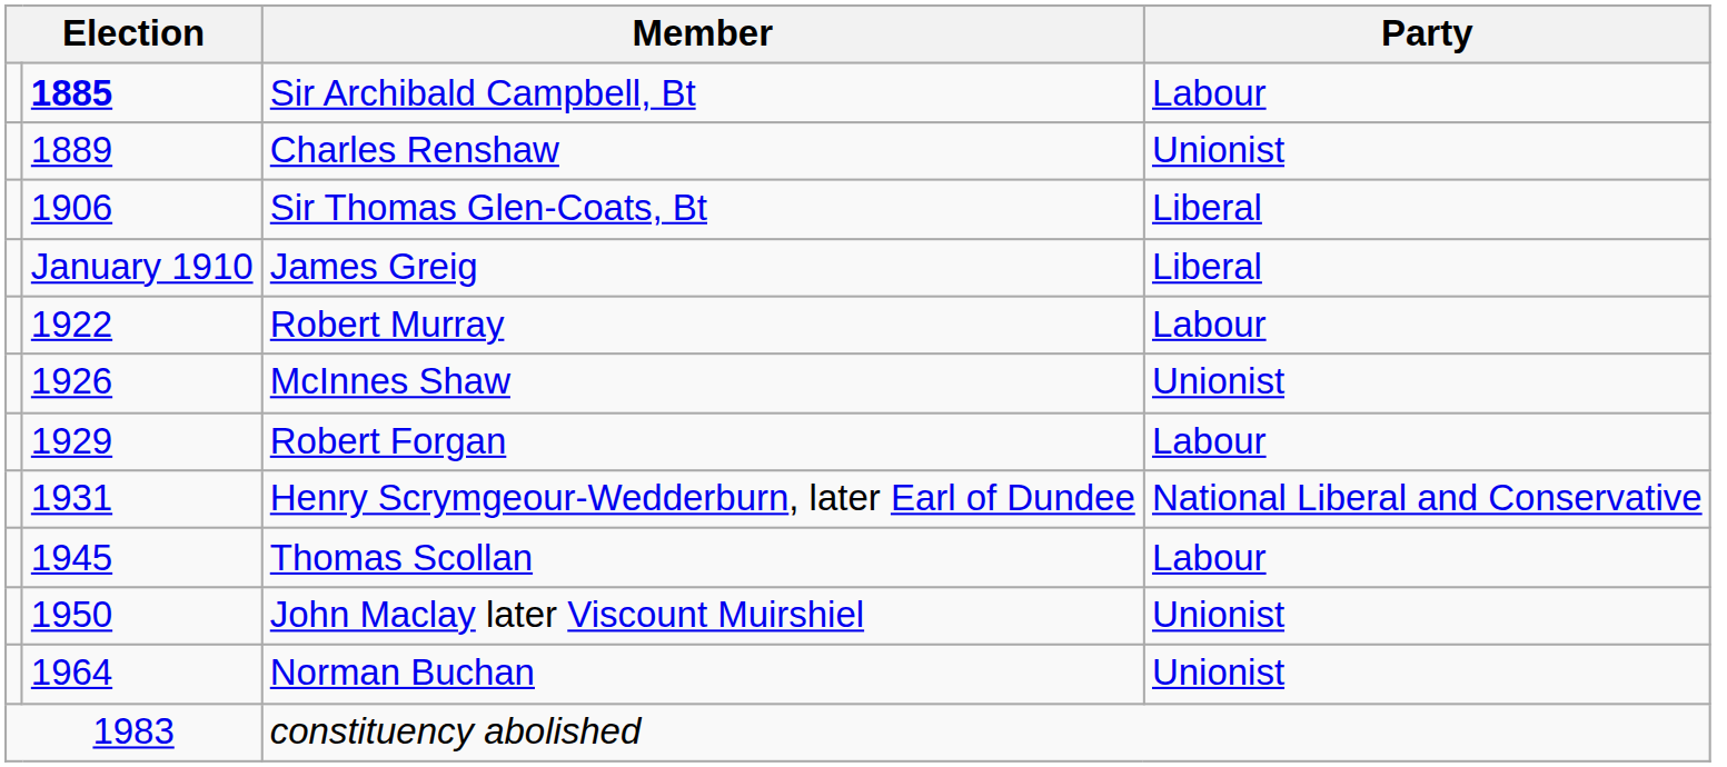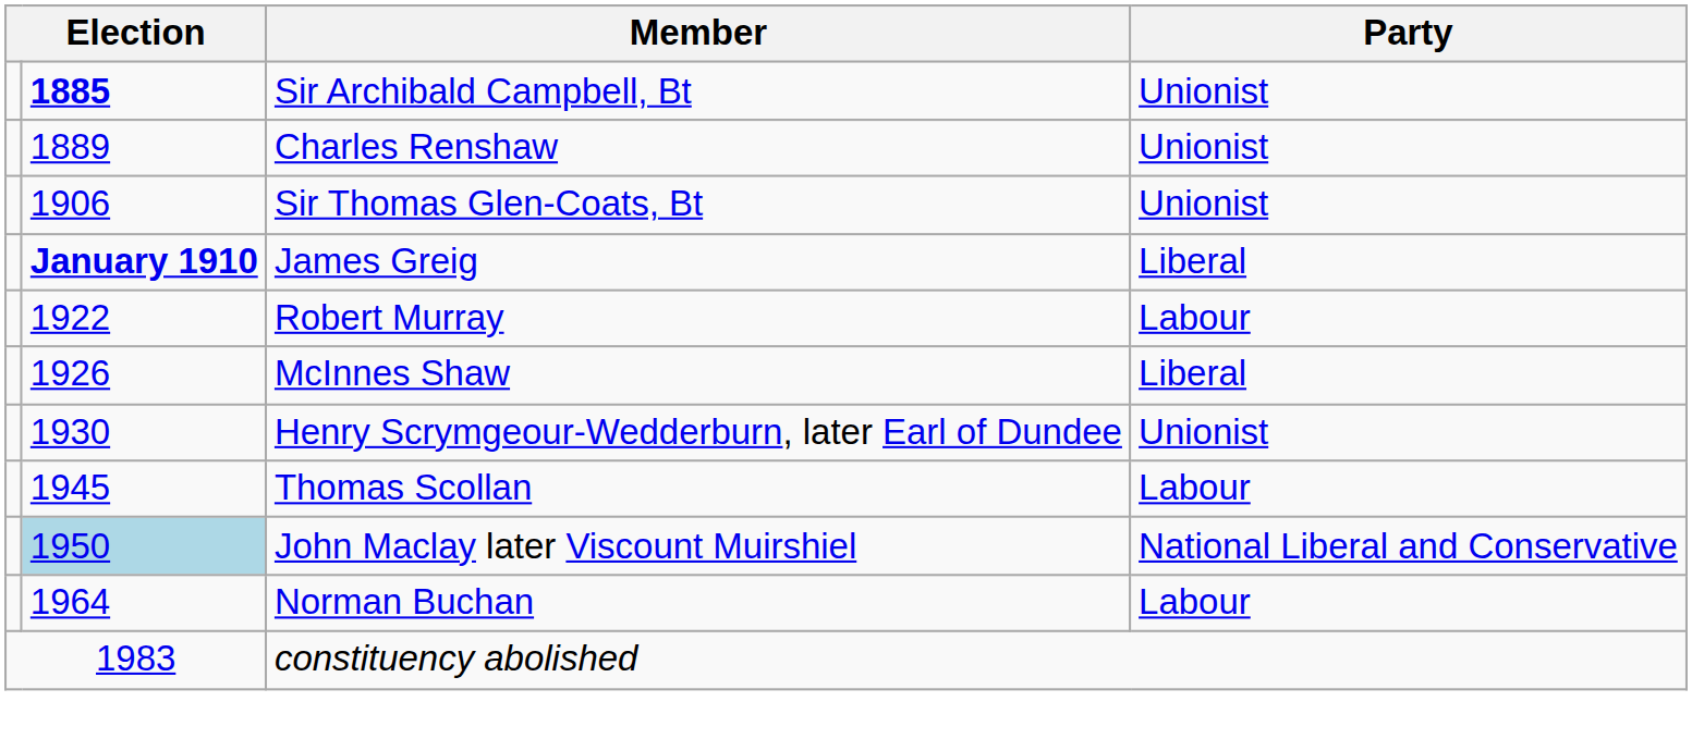 <table class="wikitable">
 <tr>
 <th colspan="2">Election</th>
 <th>Member</th>
 <th>Party</th>
 </tr>
 <tr>
 <td style="color:inherit;background-color: "></td>
 <td><strong><a href='#'>1885</a></strong></td>
 <td><a href='#'>Sir Archibald Campbell, Bt</a></td>
-<td><a href='#'>Labour</a></td>
+<td><a href='#'>Unionist</a></td>
 </tr>
 <tr>
 <td style="color:inherit;background-color: "></td>
 <td><a href='#'>1889</a></td>
 <td><a href='#'>Charles Renshaw</a></td>
 <td><a href='#'>Unionist</a></td>
 </tr>
 <tr>
 <td style="color:inherit;background-color: "></td>
 <td><a href='#'>1906</a></td>
 <td><a href='#'>Sir Thomas Glen-Coats, Bt</a></td>
-<td><a href='#'>Liberal</a></td>
+<td><a href='#'>Unionist</a></td>
 </tr>
 <tr>
 <td style="color:inherit;background-color: "></td>
-<td><a href='#'>January 1910</a></td>
+<td><strong><a href='#'>January 1910</a></strong></td>
 <td><a href='#'>James Greig</a></td>
 <td><a href='#'>Liberal</a></td>
 </tr>
 <tr>
 <td style="color:inherit;background-color: "></td>
 <td><a href='#'>1922</a></td>
 <td><a href='#'>Robert Murray</a></td>
 <td><a href='#'>Labour</a></td>
 </tr>
 <tr>
 <td style="color:inherit;background-color: "></td>
 <td><a href='#'>1926</a></td>
 <td><a href='#'>McInnes Shaw</a></td>
-<td><a href='#'>Unionist</a></td>
+<td><a href='#'>Liberal</a></td>
 </tr>
 <tr>
 <td style="color:inherit;background-color: "></td>
-<td><a href='#'>1929</a></td>
-<td><a href='#'>Robert Forgan</a></td>
-<td><a href='#'>Labour</a></td>
-</tr>
-<tr>
-<td style="color:inherit;background-color: "></td>
-<td><a href='#'>1931</a></td>
+<td><a href='#'>1930</a></td>
 <td><a href='#'>Henry Scrymgeour-Wedderburn</a>, later <a href='#'>Earl of Dundee</a></td>
-<td><a href='#'>National Liberal and Conservative</a></td>
+<td><a href='#'>Unionist</a></td>
 </tr>
 <tr>
 <td style="color:inherit;background-color: "></td>
 <td><a href='#'>1945</a></td>
 <td><a href='#'>Thomas Scollan</a></td>
 <td><a href='#'>Labour</a></td>
 </tr>
 <tr>
 <td style="color:inherit;background-color: "></td>
-<td><a href='#'>1950</a></td>
+<td style="background: lightblue;"><a href='#'>1950</a></td>
 <td><a href='#'>John Maclay</a> later <a href='#'>Viscount Muirshiel</a></td>
-<td><a href='#'>Unionist</a></td>
+<td><a href='#'>National Liberal and Conservative</a></td>
 </tr>
 <tr>
 <td style="color:inherit;background-color: "></td>
 <td><a href='#'>1964</a></td>
 <td><a href='#'>Norman Buchan</a></td>
-<td><a href='#'>Unionist</a></td>
+<td><a href='#'>Labour</a></td>
 </tr>
 <tr>
 <td colspan="2" align="center"><a href='#'>1983</a></td>
 <td colspan="2"><em>constituency abolished</em></td>
 </tr>
 </table>
